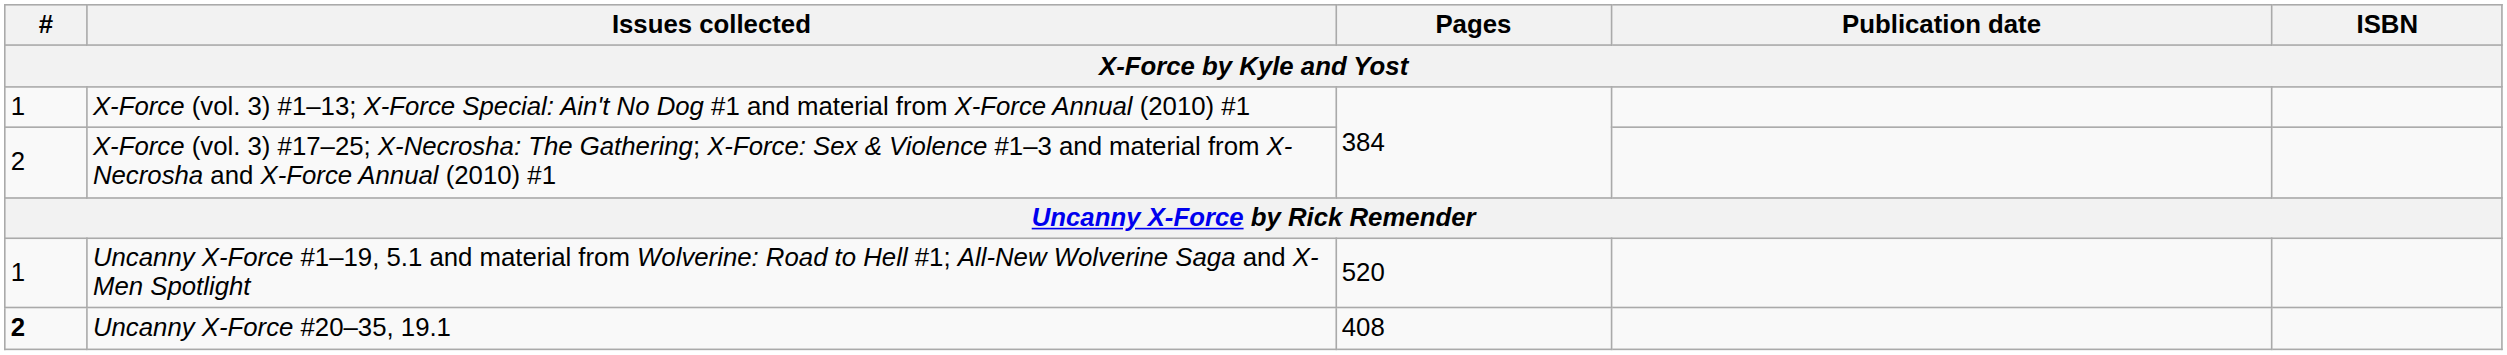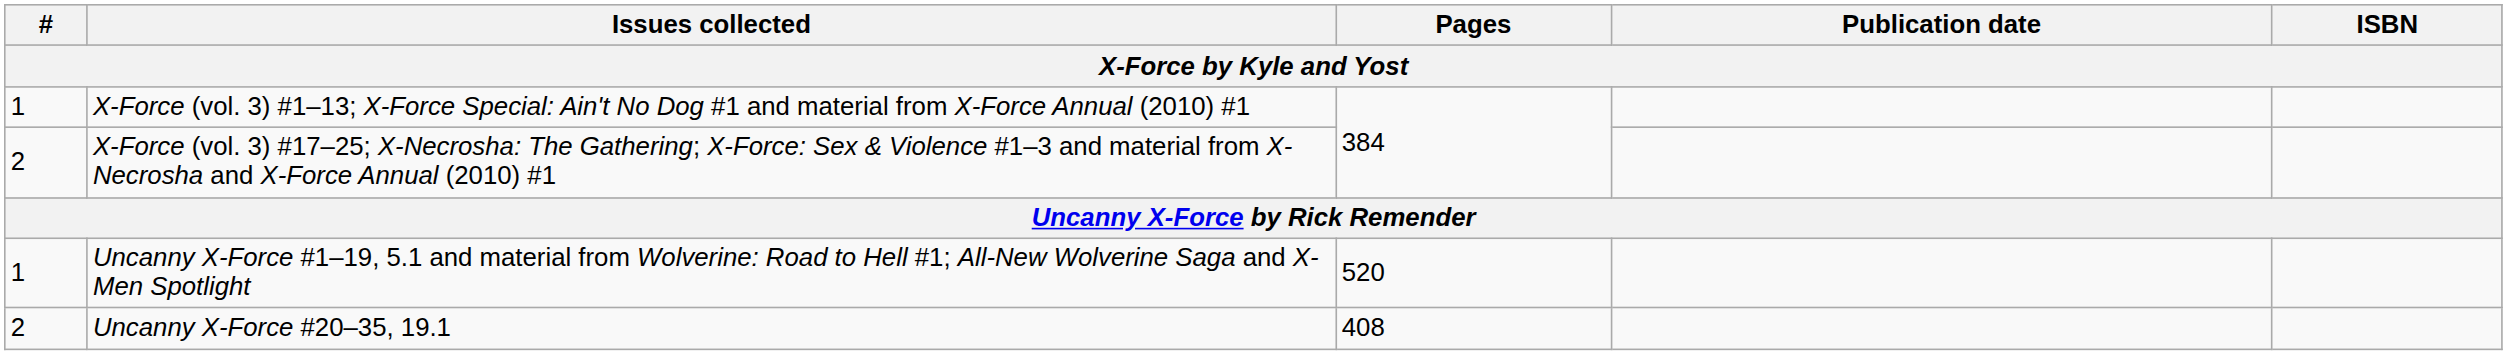 <table class="wikitable sortable" width=98%>
 <tr>
 <th class="unsortable">#</th>
 <th class="unsortable" width="50%">Issues collected</th>
 <th>Pages</th>
 <th>Publication date</th>
 <th class="unsortable">ISBN</th>
 </tr>
 <tr>
 <th colspan="5"><strong><em>X-Force by Kyle and Yost</em></strong></th>
 </tr>
 <tr>
 <td>1</td>
 <td><em>X-Force</em> (vol. 3) #1–13; <em>X-Force Special: Ain't No Dog</em> #1 and material from <em>X-Force Annual</em> (2010) #1</td>
 <td rowspan="2">384</td>
 <td></td>
 <td></td>
 </tr>
 <tr>
 <td>2</td>
 <td><em>X-Force</em> (vol. 3) #17–25; <em>X-Necrosha: The Gathering</em>; <em>X-Force: Sex & Violence</em> #1–3 and material from <em>X-Necrosha</em> and <em>X-Force Annual</em> (2010) #1</td>
 <td></td>
 <td></td>
 </tr>
 <tr>
 <th colspan="5"><strong><em><a href='#'>Uncanny X-Force</a> by Rick Remender</em></strong></th>
 </tr>
 <tr>
 <td>1</td>
 <td><em>Uncanny X-Force</em> #1–19, 5.1 and material from <em>Wolverine: Road to Hell</em> #1; <em>All-New Wolverine Saga</em> and <em>X-Men Spotlight</em></td>
 <td>520</td>
 <td></td>
 <td></td>
 </tr>
 <tr>
-<td><strong>2</strong></td>
+<td>2</td>
 <td><em>Uncanny X-Force</em> #20–35, 19.1</td>
 <td>408</td>
 <td></td>
 <td></td>
 </tr>
 </table>
